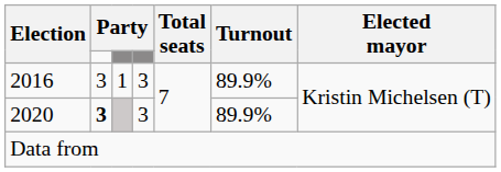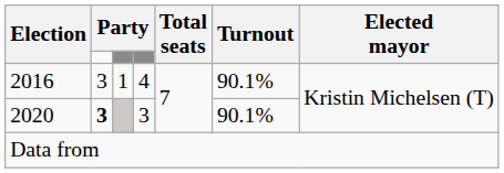 <table class="wikitable">
 <tr>
 <th rowspan="2">Election</th>
 <th colspan="3">Party</th>
 <th rowspan="2">Total<br>seats</th>
 <th rowspan="2">Turnout</th>
 <th rowspan="2">Elected<br>mayor</th>
 </tr>
 <tr>
 <td style="background:"><strong><a href='#'></a></strong></td>
 <td style="background:#8B8989;"><strong></strong></td>
 <td style="background:#8B8989;"><strong></strong></td>
 </tr>
 <tr>
 <td>2016</td>
 <td>3</td>
 <td>1</td>
-<td>3</td>
+<td>4</td>
 <td rowspan="2">7</td>
-<td>89.9%</td>
+<td>90.1%</td>
 <td rowspan="2">Kristin Michelsen (T)</td>
 </tr>
 <tr>
 <td>2020</td>
 <td><strong>3</strong></td>
 <td style="background:#CDC9C9;"></td>
 <td>3</td>
-<td>89.9%</td>
+<td>90.1%</td>
 </tr>
 <tr>
 <td colspan="14">Data from </td>
 </tr>
 </table>
